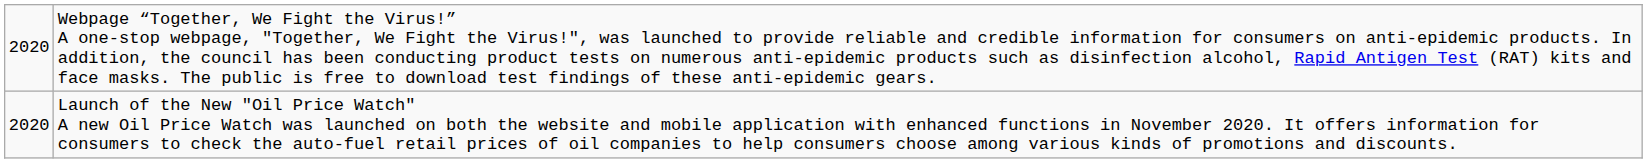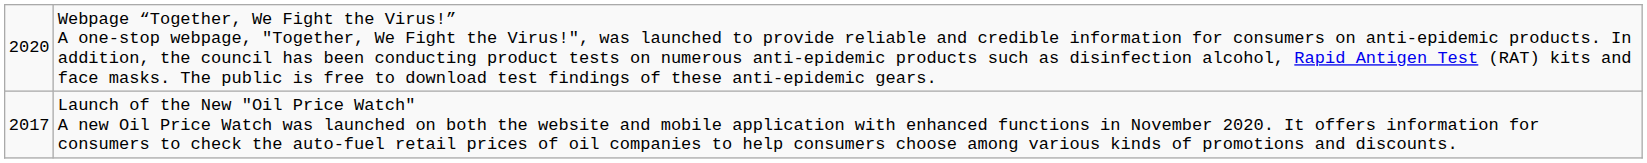 <table class="wikitable">
 <tr>
 <td>2020</td>
 <td>Webpage “Together, We Fight the Virus!”<br>A one-stop webpage, "Together, We Fight the Virus!", was launched to provide reliable and credible information for consumers on anti-epidemic products. In addition, the council has been conducting product tests on numerous anti-epidemic products such as disinfection alcohol, <a href='#'>Rapid Antigen Test</a> (RAT) kits and face masks. The public is free to download test findings of these anti-epidemic gears.</td>
 </tr>
 <tr>
-<td>2020</td>
+<td>2017</td>
 <td>Launch of the New "Oil Price Watch"<br>A new Oil Price Watch was launched on both the website and mobile application with enhanced functions in November 2020. It offers information for consumers to check the auto-fuel retail prices of oil companies to help consumers choose among various kinds of promotions and discounts.</td>
 </tr>
 </table>
